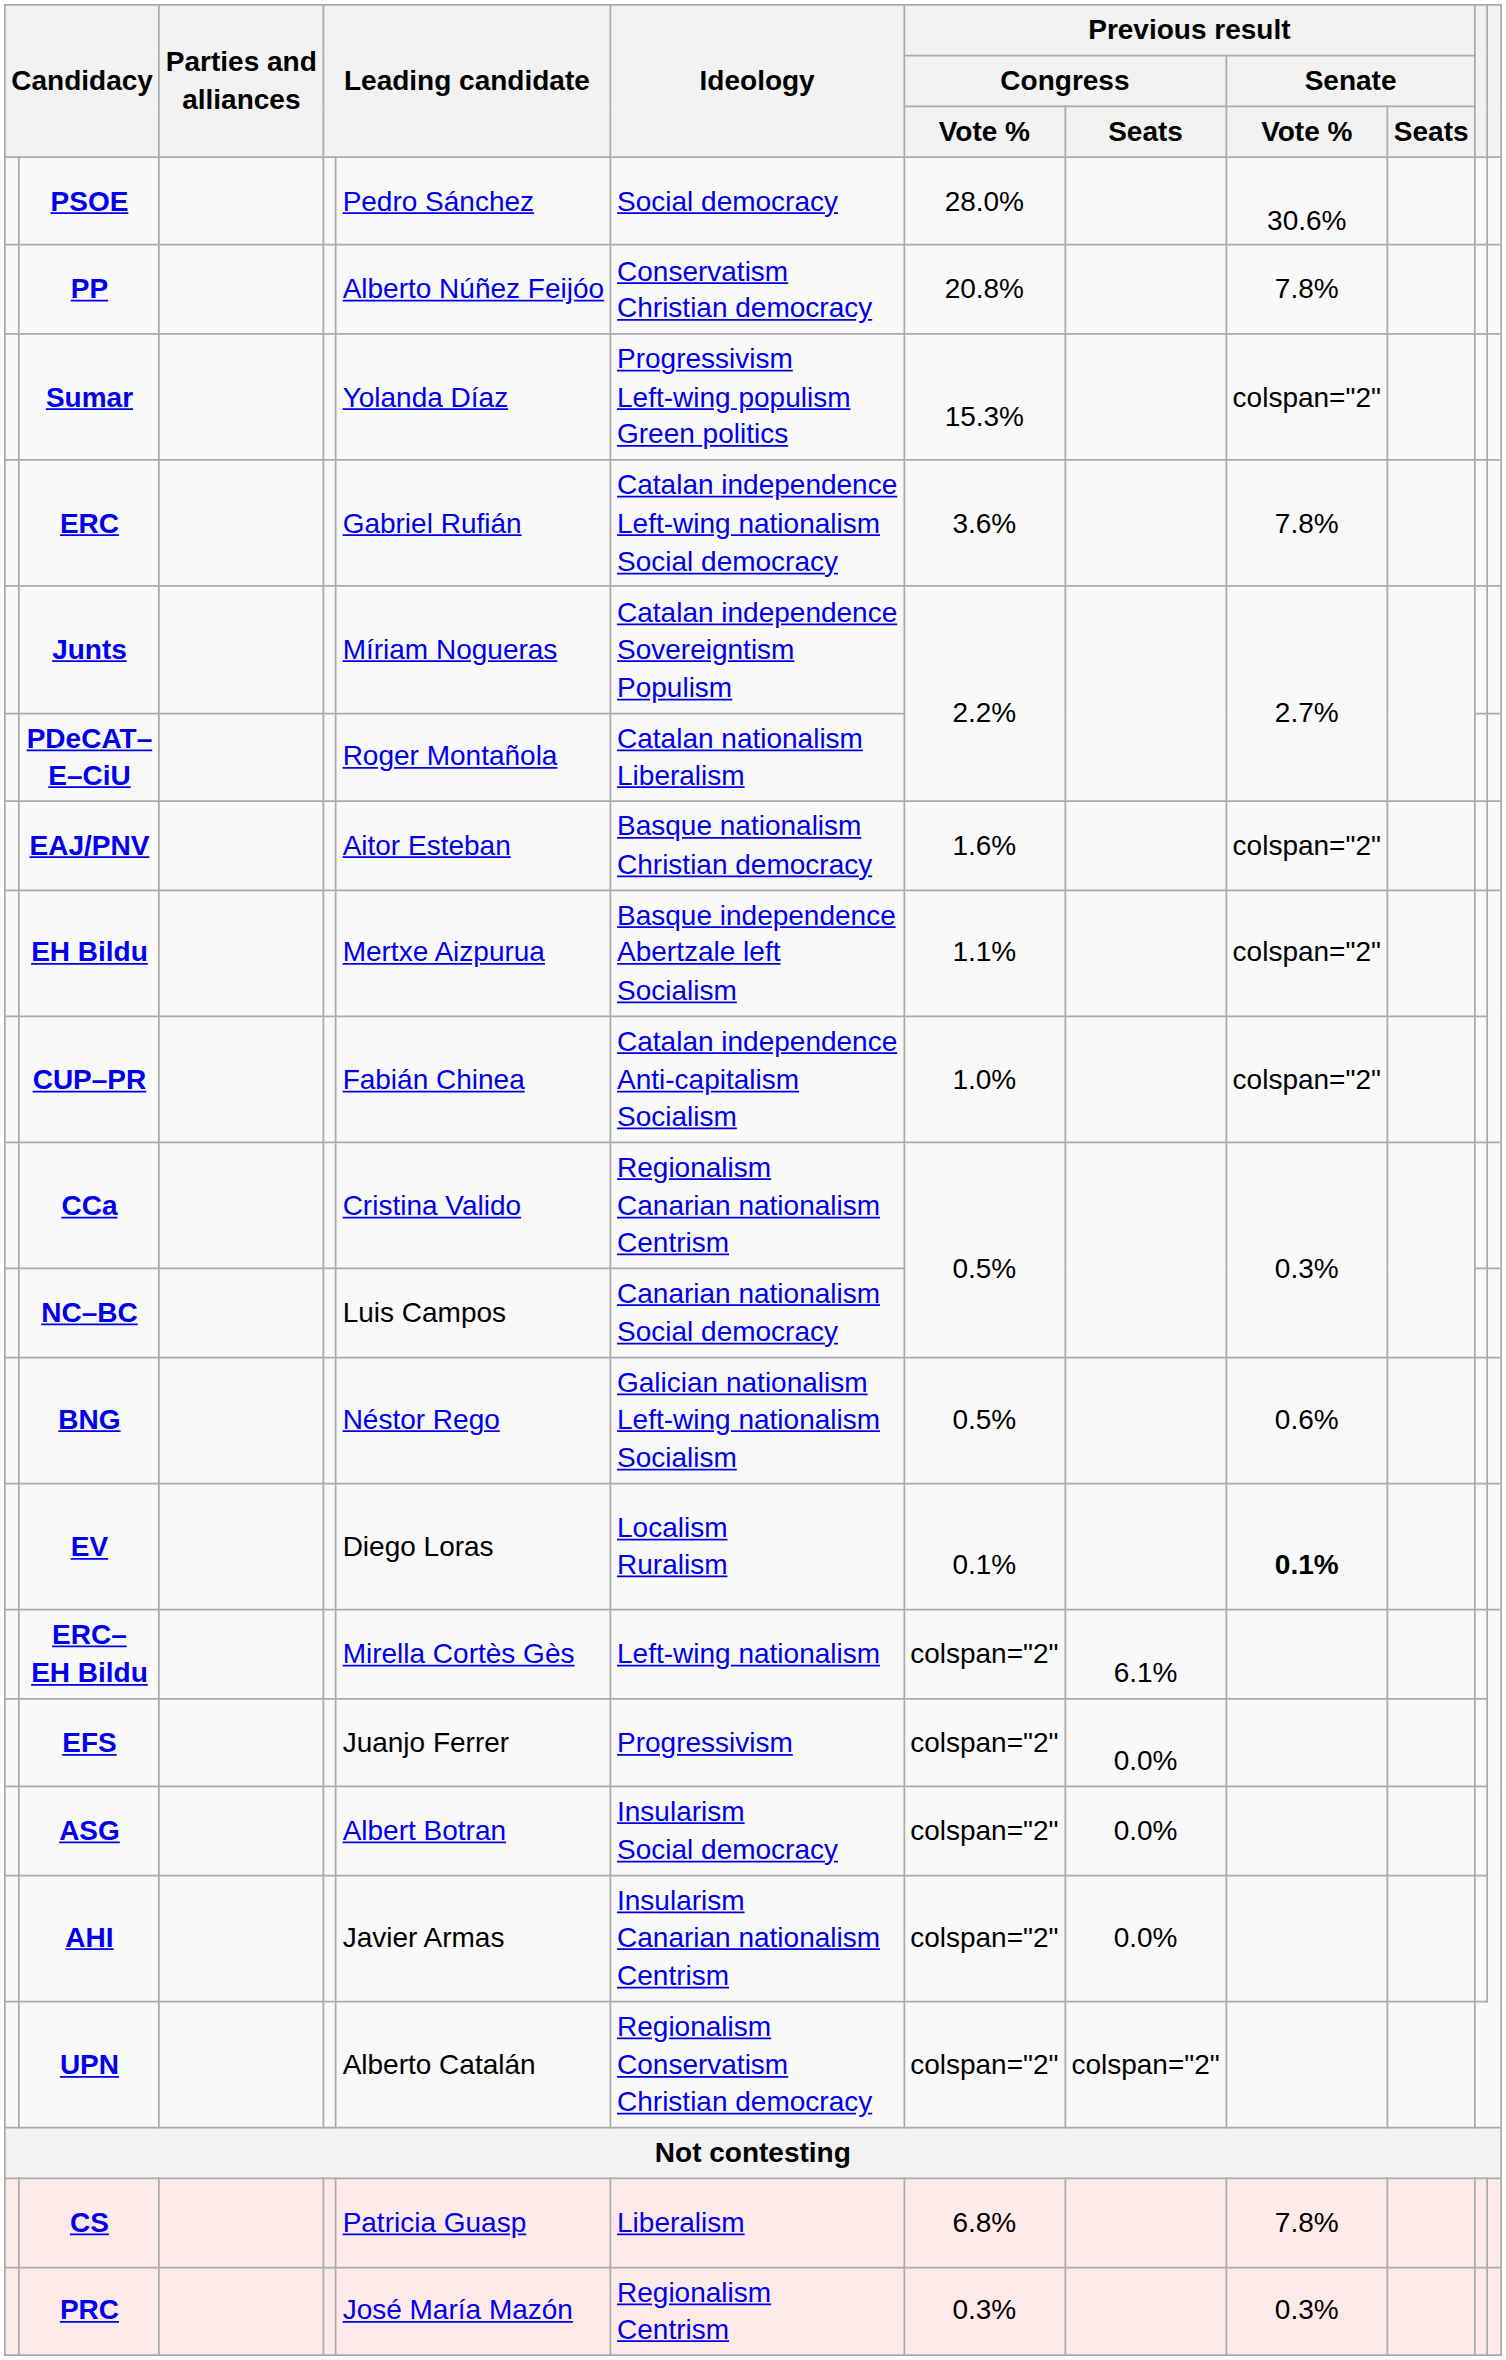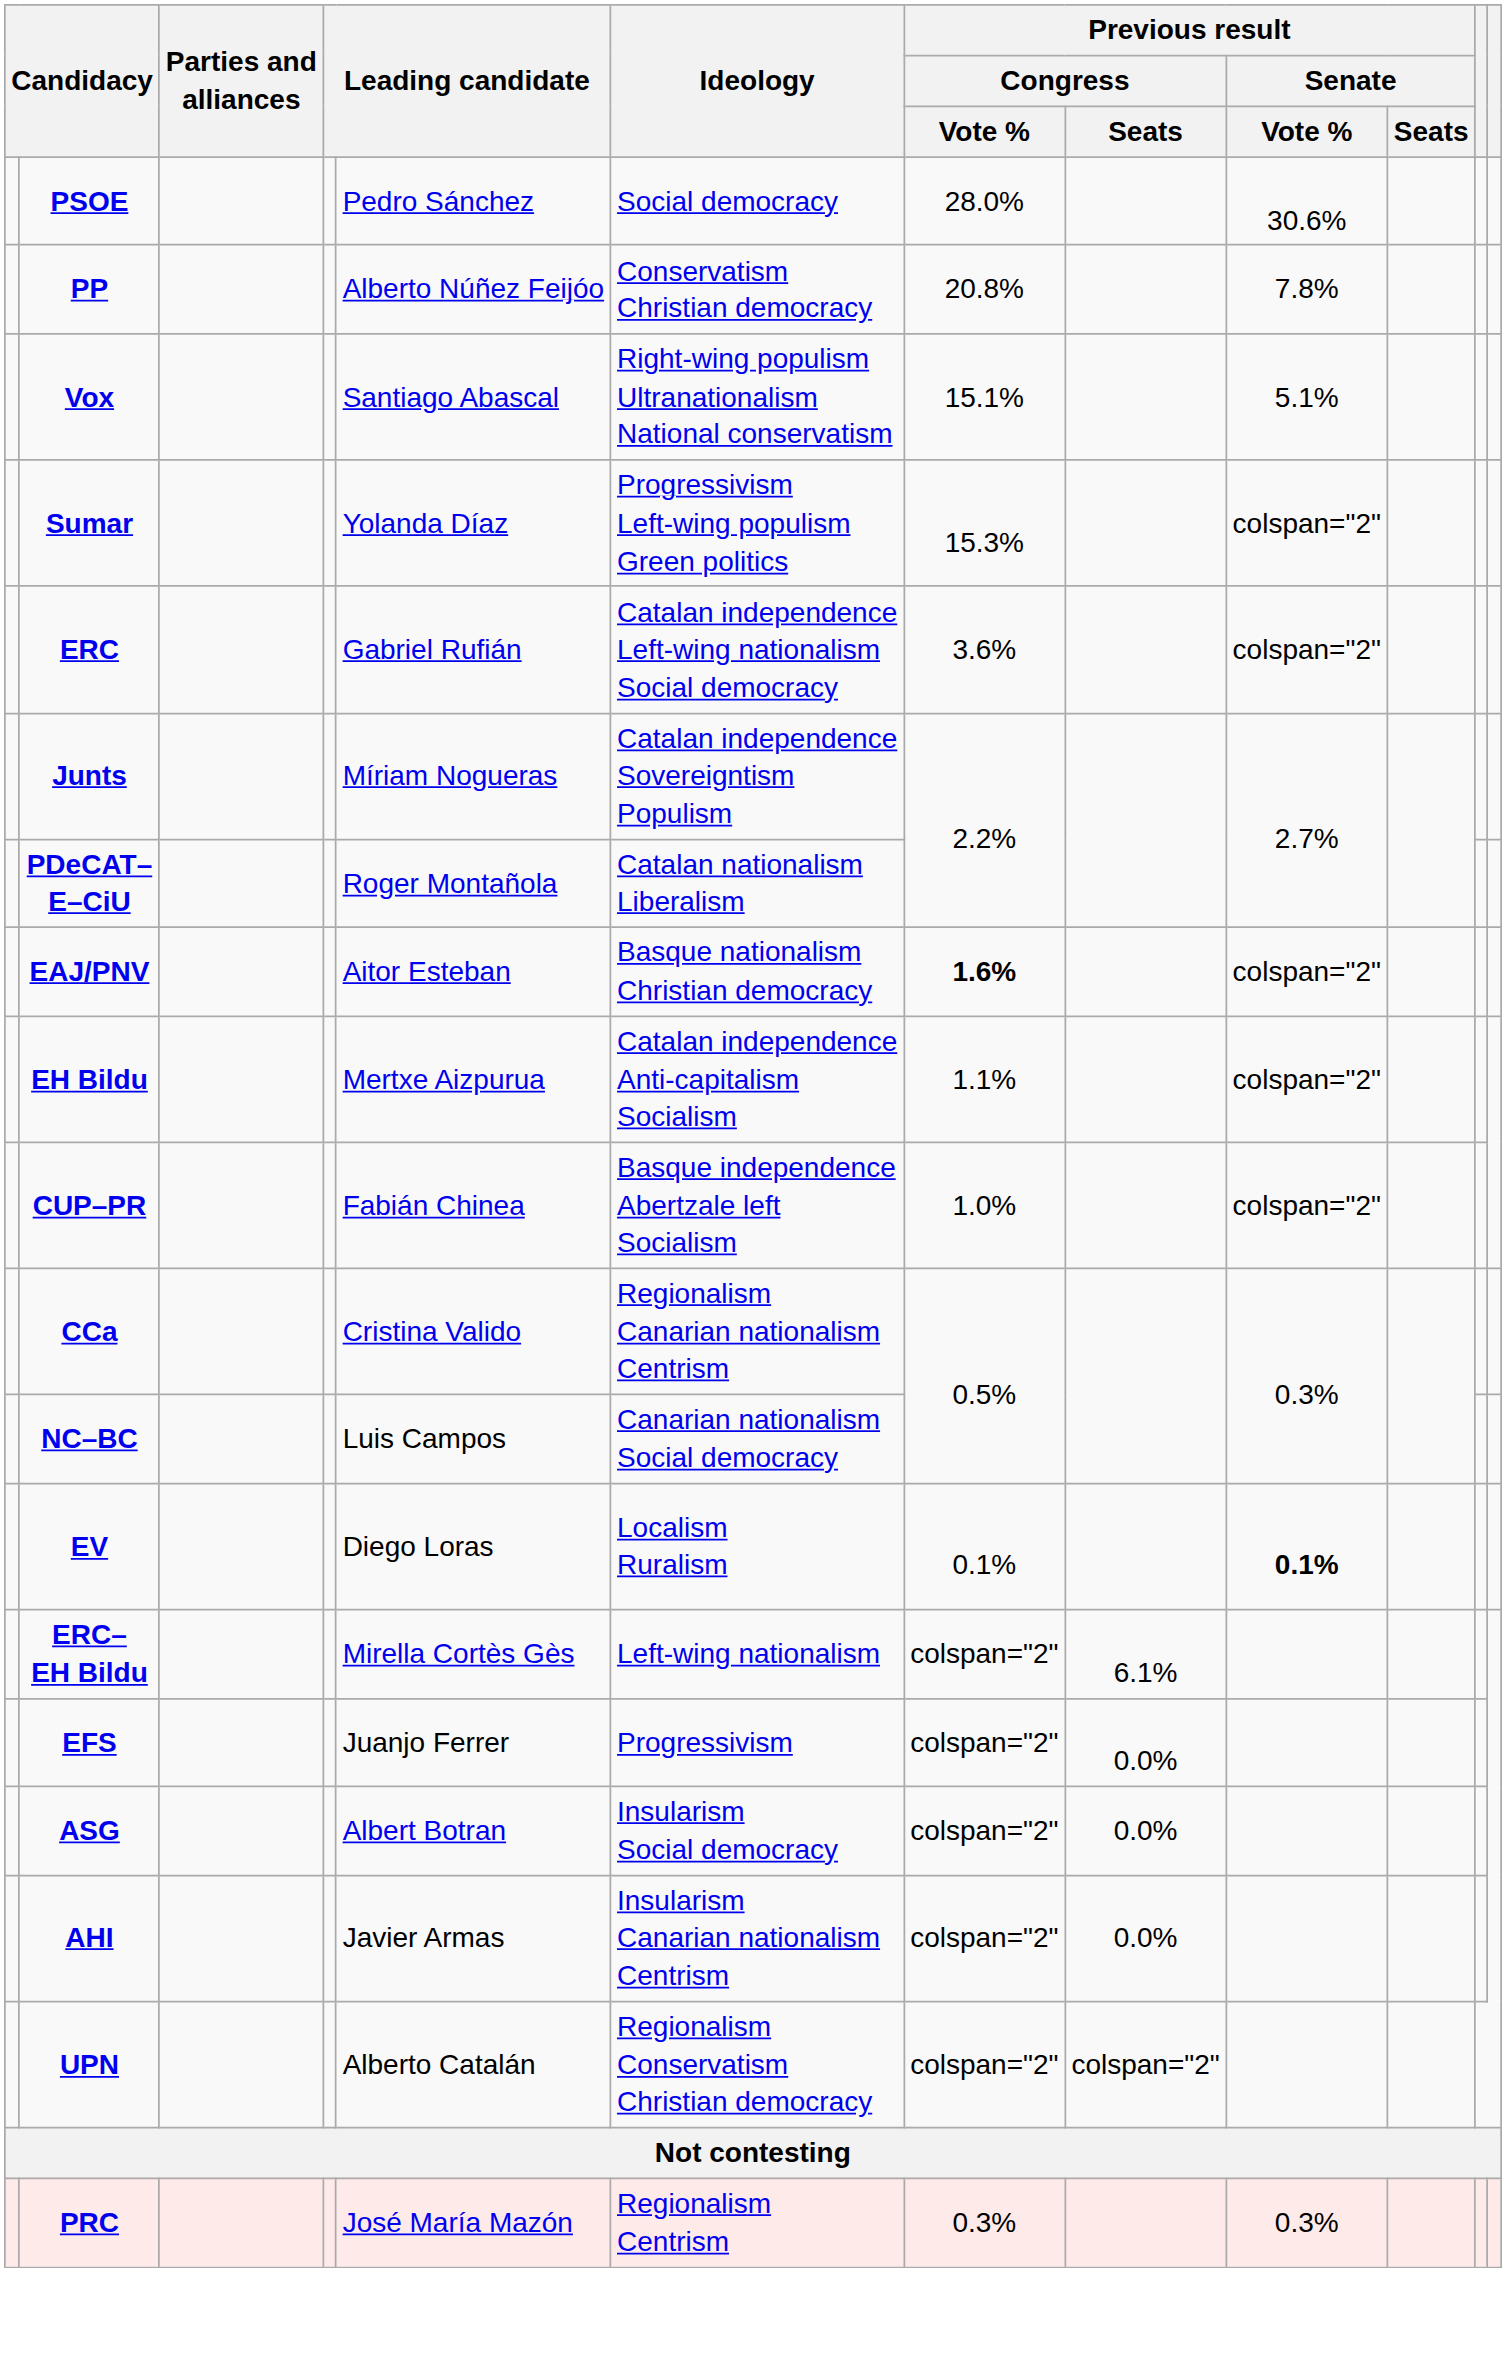 <table class="wikitable" style="line-height:1.35em; text-align:left;">
 <tr>
 <th colspan="2" rowspan="3">Candidacy</th>
 <th rowspan="3">Parties and<br>alliances</th>
 <th colspan="2" rowspan="3">Leading candidate</th>
 <th rowspan="3">Ideology</th>
 <th colspan="4">Previous result</th>
 <th rowspan="3"></th>
 <th rowspan="3"></th>
 </tr>
 <tr>
 <th colspan="2">Congress</th>
 <th colspan="2">Senate</th>
 </tr>
 <tr>
 <th>Vote %</th>
 <th>Seats</th>
 <th>Vote %</th>
 <th>Seats</th>
 </tr>
 <tr>
 <td width="1" style="color:inherit;background:"></td>
 <td align="center"><strong><a href='#'>PSOE</a></strong></td>
 <td></td>
 <td></td>
 <td><a href='#'>Pedro Sánchez</a></td>
 <td><a href='#'>Social democracy</a></td>
 <td align="center">28.0%</td>
 <td></td>
 <td align="center"><br>30.6%<br></td>
 <td></td>
 <td></td>
 <td><br></td>
 </tr>
 <tr>
 <td style="color:inherit;background:"></td>
 <td align="center"><strong><a href='#'>PP</a></strong></td>
 <td></td>
 <td></td>
 <td><a href='#'>Alberto Núñez Feijóo</a></td>
 <td><a href='#'>Conservatism</a><br><a href='#'>Christian democracy</a></td>
 <td align="center">20.8%</td>
 <td></td>
 <td align="center">7.8%</td>
 <td></td>
 <td></td>
 <td><br></td>
 </tr>
 <tr>
 <td style="color:inherit;background:"></td>
+<td align="center"><strong><a href='#'>Vox</a></strong></td>
+<td></td>
+<td></td>
+<td><a href='#'>Santiago Abascal</a></td>
+<td><a href='#'>Right-wing populism</a><br><a href='#'>Ultranationalism</a><br><a href='#'>National conservatism</a></td>
+<td align="center">15.1%</td>
+<td></td>
+<td align="center">5.1%</td>
+<td></td>
+<td></td>
+<td></td>
+</tr>
+<tr>
+<td style="color:inherit;background:"></td>
 <td align="center"><strong><a href='#'>Sumar</a></strong></td>
 <td></td>
 <td></td>
 <td><a href='#'>Yolanda Díaz</a></td>
 <td><a href='#'>Progressivism</a><br><a href='#'>Left-wing populism</a><br><a href='#'>Green politics</a></td>
 <td align="center"><br>15.3%<br></td>
 <td></td>
 <td>colspan="2" </td>
 <td></td>
 <td></td>
 <td><br><br><br></td>
 </tr>
 <tr>
 <td style="color:inherit;background:"></td>
 <td align="center"><strong><a href='#'>ERC</a></strong></td>
 <td></td>
 <td></td>
 <td><a href='#'>Gabriel Rufián</a></td>
 <td><a href='#'>Catalan independence</a><br><a href='#'>Left-wing nationalism</a><br><a href='#'>Social democracy</a></td>
 <td align="center">3.6%</td>
 <td></td>
-<td align="center">7.8%</td>
+<td>colspan="2" </td>
 <td></td>
 <td></td>
 </tr>
 <tr>
 <td style="color:inherit;background:"></td>
 <td align="center"><strong><a href='#'>Junts</a></strong></td>
 <td></td>
 <td></td>
 <td><a href='#'>Míriam Nogueras</a></td>
 <td><a href='#'>Catalan independence</a><br><a href='#'>Sovereigntism</a><br><a href='#'>Populism</a></td>
 <td rowspan="2" align="center"><br>2.2%<br></td>
 <td rowspan="2"></td>
 <td rowspan="2" align="center"><br>2.7%<br></td>
 <td rowspan="2"></td>
 <td></td>
 <td><br></td>
 </tr>
 <tr>
 <td style="color:inherit;background:"></td>
 <td align="center"><strong><a href='#'>PDeCAT–<br>E–CiU</a></strong></td>
 <td></td>
 <td></td>
 <td><a href='#'>Roger Montañola</a></td>
 <td><a href='#'>Catalan nationalism</a><br><a href='#'>Liberalism</a></td>
 <td></td>
 <td><br></td>
 </tr>
 <tr>
 <td style="color:inherit;background:"></td>
 <td align="center"><strong><a href='#'>EAJ/PNV</a></strong></td>
 <td></td>
 <td></td>
 <td><a href='#'>Aitor Esteban</a></td>
 <td><a href='#'>Basque nationalism</a><br><a href='#'>Christian democracy</a></td>
-<td align="center">1.6%</td>
+<td align="center"><strong>1.6%</strong></td>
 <td></td>
 <td>colspan="2" </td>
 <td></td>
 <td></td>
 <td></td>
 </tr>
 <tr>
 <td style="color:inherit;background:"></td>
 <td align="center"><strong><a href='#'>EH Bildu</a></strong></td>
 <td></td>
 <td></td>
 <td><a href='#'>Mertxe Aizpurua</a></td>
-<td><a href='#'>Basque independence</a><br><a href='#'>Abertzale left</a><br><a href='#'>Socialism</a></td>
+<td><a href='#'>Catalan independence</a><br><a href='#'>Anti-capitalism</a><br><a href='#'>Socialism</a></td>
 <td align="center">1.1%</td>
 <td></td>
 <td>colspan="2" </td>
 <td></td>
 <td></td>
 </tr>
 <tr>
 <td style="color:inherit;background:"></td>
 <td align="center"><strong><a href='#'>CUP–PR</a></strong></td>
 <td></td>
 <td></td>
 <td><a href='#'>Fabián Chinea</a></td>
-<td><a href='#'>Catalan independence</a><br><a href='#'>Anti-capitalism</a><br><a href='#'>Socialism</a></td>
+<td><a href='#'>Basque independence</a><br><a href='#'>Abertzale left</a><br><a href='#'>Socialism</a></td>
 <td align="center">1.0%</td>
 <td></td>
 <td>colspan="2" </td>
 <td></td>
 <td></td>
 </tr>
 <tr>
 <td style="color:inherit;background:"></td>
 <td align="center"><strong><a href='#'>CCa</a></strong></td>
 <td></td>
 <td></td>
 <td><a href='#'>Cristina Valido</a></td>
 <td><a href='#'>Regionalism</a><br><a href='#'>Canarian nationalism</a><br><a href='#'>Centrism</a></td>
 <td rowspan="2" align="center"><br>0.5%<br></td>
 <td rowspan="2"></td>
 <td rowspan="2" align="center"><br>0.3%<br></td>
 <td rowspan="2"></td>
 <td></td>
 <td><br><br></td>
 </tr>
 <tr>
 <td style="color:inherit;background:"></td>
 <td align="center"><strong><a href='#'>NC–BC</a></strong></td>
 <td></td>
 <td></td>
 <td>Luis Campos</td>
 <td><a href='#'>Canarian nationalism</a><br><a href='#'>Social democracy</a></td>
-<td></td>
-<td></td>
-</tr>
-<tr>
-<td style="color:inherit;background:"></td>
-<td align="center"><strong><a href='#'>BNG</a></strong></td>
-<td></td>
-<td></td>
-<td><a href='#'>Néstor Rego</a></td>
-<td><a href='#'>Galician nationalism</a><br><a href='#'>Left-wing nationalism</a><br><a href='#'>Socialism</a></td>
-<td align="center">0.5%</td>
-<td></td>
-<td align="center">0.6%</td>
-<td></td>
 <td></td>
 <td></td>
 </tr>
 <tr>
 <td style="color:inherit;background:"></td>
 <td align="center"><strong><a href='#'>EV</a></strong></td>
 <td></td>
 <td></td>
 <td>Diego Loras</td>
 <td><a href='#'>Localism</a><br><a href='#'>Ruralism</a></td>
 <td align="center"><br>0.1%<br></td>
 <td></td>
 <td align="center"><strong><br>0.1%<br></strong></td>
 <td></td>
 <td></td>
 <td><br><br><br></td>
 </tr>
 <tr>
 <td style="color:inherit;background:"></td>
 <td align="center"><strong><a href='#'>ERC–<br>EH Bildu</a></strong></td>
 <td></td>
 <td></td>
 <td><a href='#'>Mirella Cortès Gès</a></td>
 <td><a href='#'>Left-wing nationalism</a></td>
 <td>colspan="2" </td>
 <td align="center"><br>6.1%<br></td>
 <td></td>
 <td></td>
 <td></td>
 </tr>
 <tr>
 <td style="color:inherit;background:"></td>
 <td align="center"><strong><a href='#'>EFS</a></strong></td>
 <td></td>
 <td></td>
 <td>Juanjo Ferrer</td>
 <td><a href='#'>Progressivism</a></td>
 <td>colspan="2" </td>
 <td align="center"><br>0.0%<br></td>
 <td></td>
 <td></td>
 <td></td>
 </tr>
 <tr>
 <td style="color:inherit;background:"></td>
 <td align="center"><strong><a href='#'>ASG</a></strong></td>
 <td></td>
 <td></td>
 <td><a href='#'>Albert Botran</a></td>
 <td><a href='#'>Insularism</a><br><a href='#'>Social democracy</a></td>
 <td>colspan="2" </td>
 <td align="center">0.0%</td>
 <td></td>
 <td></td>
 <td></td>
 </tr>
 <tr>
 <td style="color:inherit;background:"></td>
 <td align="center"><strong><a href='#'>AHI</a></strong></td>
 <td></td>
 <td></td>
 <td>Javier Armas</td>
 <td><a href='#'>Insularism</a><br><a href='#'>Canarian nationalism</a><br><a href='#'>Centrism</a></td>
 <td>colspan="2" </td>
 <td align="center">0.0%</td>
 <td></td>
 <td></td>
 <td></td>
 </tr>
 <tr>
 <td style="color:inherit;background:"></td>
 <td align="center"><strong><a href='#'>UPN</a></strong></td>
 <td></td>
 <td></td>
 <td>Alberto Catalán</td>
 <td><a href='#'>Regionalism</a><br><a href='#'>Conservatism</a><br><a href='#'>Christian democracy</a></td>
 <td>colspan="2" </td>
 <td>colspan="2" </td>
 <td></td>
 <td><br><br><br></td>
 </tr>
 <tr>
 <th colspan="12">Not contesting</th>
 </tr>
 <tr style="background:#FFEAEA;">
 <td style="color:inherit;background:"></td>
-<td align="center"><strong><a href='#'>CS</a></strong></td>
-<td></td>
-<td></td>
-<td><a href='#'>Patricia Guasp</a></td>
-<td><a href='#'>Liberalism</a></td>
-<td align="center">6.8%</td>
-<td></td>
-<td align="center">7.8%</td>
-<td></td>
-<td></td>
-<td><br><br></td>
-</tr>
-<tr style="background:#FFEAEA;">
-<td style="color:inherit;background:"></td>
 <td align="center"><strong><a href='#'>PRC</a></strong></td>
 <td></td>
 <td></td>
 <td><a href='#'>José María Mazón</a></td>
 <td><a href='#'>Regionalism</a><br><a href='#'>Centrism</a></td>
 <td align="center">0.3%</td>
 <td></td>
 <td align="center">0.3%</td>
 <td></td>
 <td></td>
 <td></td>
 </tr>
 </table>
